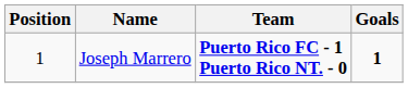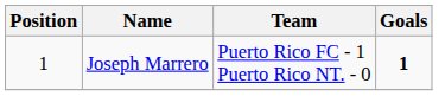 <table class="wikitable" style="text-align: center;">
 <tr>
 <th>Position</th>
 <th>Name</th>
 <th>Team</th>
 <th>Goals</th>
 </tr>
 <tr>
 <td rowspan="1">1</td>
 <td align="left"> <a href='#'>Joseph Marrero</a></td>
-<td align="left"><strong><a href='#'>Puerto Rico FC</a> - 1 <br><a href='#'>Puerto Rico NT.</a> - 0</strong></td>
+<td align="left"><a href='#'>Puerto Rico FC</a> - 1 <br><a href='#'>Puerto Rico NT.</a> - 0</td>
 <td rowspan="1"><strong>1</strong></td>
 </tr>
 <tr>
 </tr>
 </table>
